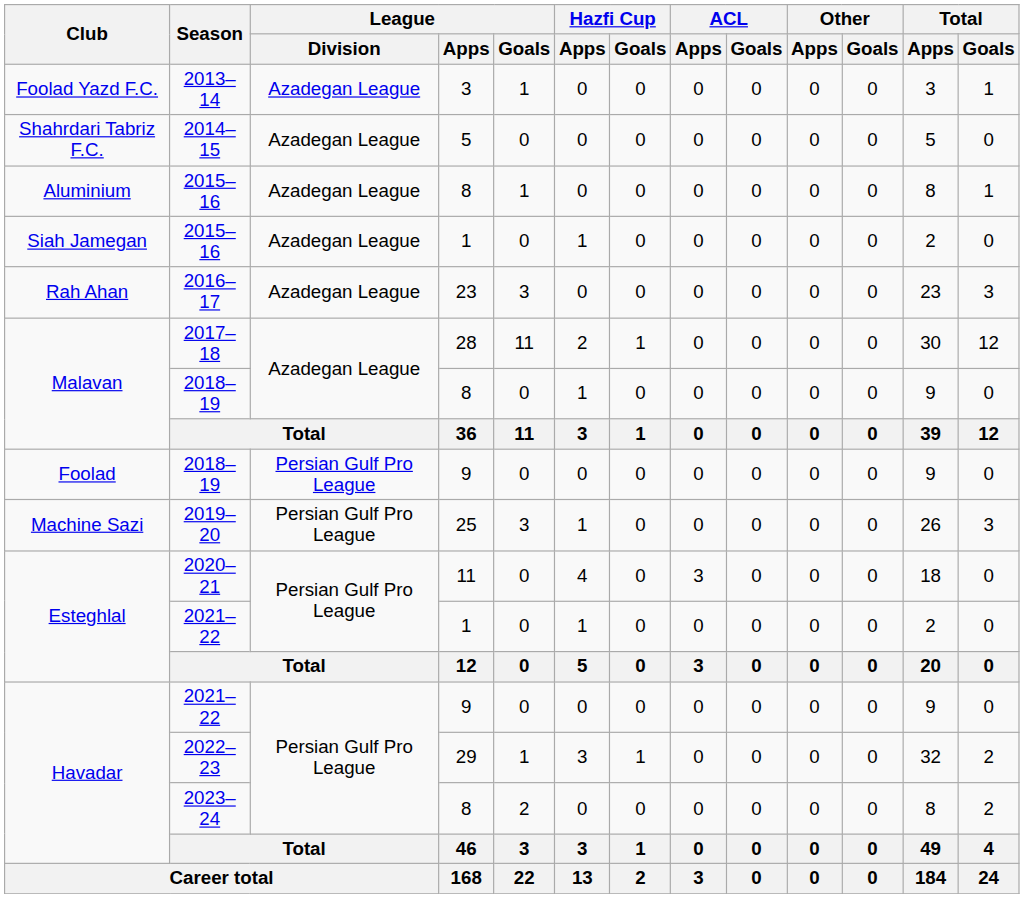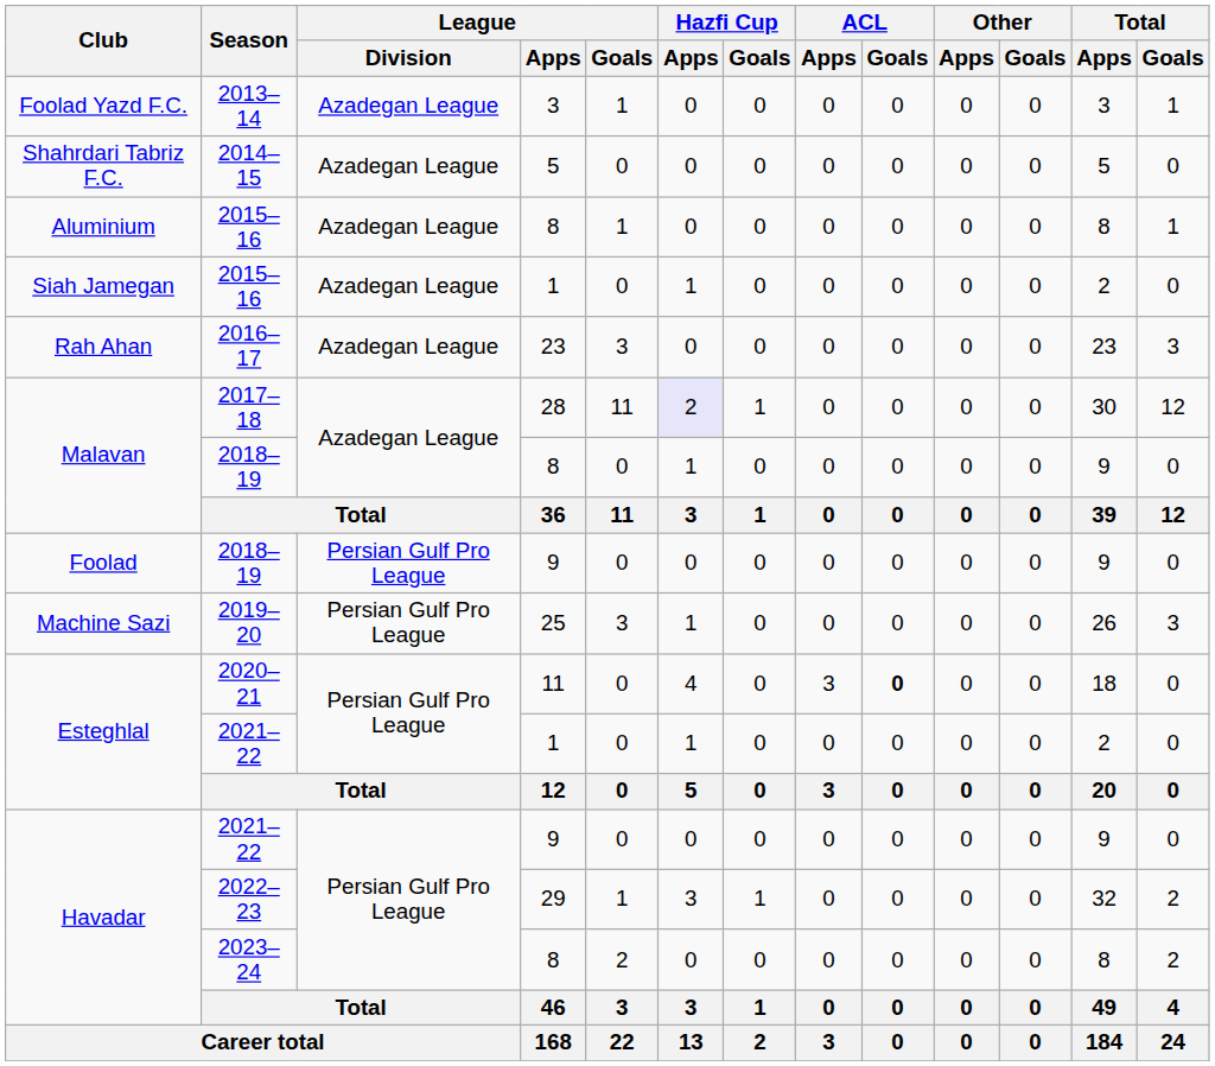 <table class="wikitable" style="text-align:center">
 <tr>
 <th rowspan="2">Club</th>
 <th rowspan="2">Season</th>
 <th colspan="3">League</th>
 <th colspan="2"><a href='#'>Hazfi Cup</a></th>
 <th colspan="2"><a href='#'>ACL</a></th>
 <th colspan="2">Other</th>
 <th colspan="2">Total</th>
 </tr>
 <tr>
 <th>Division</th>
 <th>Apps</th>
 <th>Goals</th>
 <th>Apps</th>
 <th>Goals</th>
 <th>Apps</th>
 <th>Goals</th>
 <th>Apps</th>
 <th>Goals</th>
 <th>Apps</th>
 <th>Goals</th>
 </tr>
 <tr>
 <td><a href='#'>Foolad Yazd F.C.</a></td>
 <td><a href='#'>2013–14</a></td>
 <td><a href='#'>Azadegan League</a></td>
 <td>3</td>
 <td>1</td>
 <td>0</td>
 <td>0</td>
 <td>0</td>
 <td>0</td>
 <td>0</td>
 <td>0</td>
 <td>3</td>
 <td>1</td>
 </tr>
 <tr>
 <td><a href='#'>Shahrdari Tabriz F.C.</a></td>
 <td><a href='#'>2014–15</a></td>
 <td>Azadegan League</td>
 <td>5</td>
 <td>0</td>
 <td>0</td>
 <td>0</td>
 <td>0</td>
 <td>0</td>
 <td>0</td>
 <td>0</td>
 <td>5</td>
 <td>0</td>
 </tr>
 <tr>
 <td><a href='#'>Aluminium</a></td>
 <td><a href='#'>2015–16</a></td>
 <td>Azadegan League</td>
 <td>8</td>
 <td>1</td>
 <td>0</td>
 <td>0</td>
 <td>0</td>
 <td>0</td>
 <td>0</td>
 <td>0</td>
 <td>8</td>
 <td>1</td>
 </tr>
 <tr>
 <td><a href='#'>Siah Jamegan</a></td>
 <td><a href='#'>2015–16</a></td>
 <td>Azadegan League</td>
 <td>1</td>
 <td>0</td>
 <td>1</td>
 <td>0</td>
 <td>0</td>
 <td>0</td>
 <td>0</td>
 <td>0</td>
 <td>2</td>
 <td>0</td>
 </tr>
 <tr>
 <td><a href='#'>Rah Ahan</a></td>
 <td><a href='#'>2016–17</a></td>
 <td>Azadegan League</td>
 <td>23</td>
 <td>3</td>
 <td>0</td>
 <td>0</td>
 <td>0</td>
 <td>0</td>
 <td>0</td>
 <td>0</td>
 <td>23</td>
 <td>3</td>
 </tr>
 <tr>
 <td rowspan="3"><a href='#'>Malavan</a></td>
 <td><a href='#'>2017–18</a></td>
 <td rowspan="2">Azadegan League</td>
 <td>28</td>
 <td>11</td>
-<td>2</td>
+<td style="background: lavender;">2</td>
 <td>1</td>
 <td>0</td>
 <td>0</td>
 <td>0</td>
 <td>0</td>
 <td>30</td>
 <td>12</td>
 </tr>
 <tr>
 <td><a href='#'>2018–19</a></td>
 <td>8</td>
 <td>0</td>
 <td>1</td>
 <td>0</td>
 <td>0</td>
 <td>0</td>
 <td>0</td>
 <td>0</td>
 <td>9</td>
 <td>0</td>
 </tr>
 <tr>
 <th colspan="2">Total</th>
 <th>36</th>
 <th>11</th>
 <th>3</th>
 <th>1</th>
 <th>0</th>
 <th>0</th>
 <th>0</th>
 <th>0</th>
 <th>39</th>
 <th>12</th>
 </tr>
 <tr>
 <td><a href='#'>Foolad</a></td>
 <td><a href='#'>2018–19</a></td>
 <td><a href='#'>Persian Gulf Pro League</a></td>
 <td>9</td>
 <td>0</td>
 <td>0</td>
 <td>0</td>
 <td>0</td>
 <td>0</td>
 <td>0</td>
 <td>0</td>
 <td>9</td>
 <td>0</td>
 </tr>
 <tr>
 <td><a href='#'>Machine Sazi</a></td>
 <td><a href='#'>2019–20</a></td>
 <td>Persian Gulf Pro League</td>
 <td>25</td>
 <td>3</td>
 <td>1</td>
 <td>0</td>
 <td>0</td>
 <td>0</td>
 <td>0</td>
 <td>0</td>
 <td>26</td>
 <td>3</td>
 </tr>
 <tr>
 <td rowspan="3"><a href='#'>Esteghlal</a></td>
 <td><a href='#'>2020–21</a></td>
 <td rowspan="2">Persian Gulf Pro League</td>
 <td>11</td>
 <td>0</td>
 <td>4</td>
 <td>0</td>
 <td>3</td>
-<td>0</td>
+<td><strong>0</strong></td>
 <td>0</td>
 <td>0</td>
 <td>18</td>
 <td>0</td>
 </tr>
 <tr>
 <td><a href='#'>2021–22</a></td>
 <td>1</td>
 <td>0</td>
 <td>1</td>
 <td>0</td>
 <td>0</td>
 <td>0</td>
 <td>0</td>
 <td>0</td>
 <td>2</td>
 <td>0</td>
 </tr>
 <tr>
 <th colspan="2">Total</th>
 <th>12</th>
 <th>0</th>
 <th>5</th>
 <th>0</th>
 <th>3</th>
 <th>0</th>
 <th>0</th>
 <th>0</th>
 <th>20</th>
 <th>0</th>
 </tr>
 <tr>
 <td rowspan="4"><a href='#'>Havadar</a></td>
 <td><a href='#'>2021–22</a></td>
 <td rowspan="3">Persian Gulf Pro League</td>
 <td>9</td>
 <td>0</td>
 <td>0</td>
 <td>0</td>
 <td>0</td>
 <td>0</td>
 <td>0</td>
 <td>0</td>
 <td>9</td>
 <td>0</td>
 </tr>
 <tr>
 <td><a href='#'>2022–23</a></td>
 <td>29</td>
 <td>1</td>
 <td>3</td>
 <td>1</td>
 <td>0</td>
 <td>0</td>
 <td>0</td>
 <td>0</td>
 <td>32</td>
 <td>2</td>
 </tr>
 <tr>
 <td><a href='#'>2023–24</a></td>
 <td>8</td>
 <td>2</td>
 <td>0</td>
 <td>0</td>
 <td>0</td>
 <td>0</td>
 <td>0</td>
 <td>0</td>
 <td>8</td>
 <td>2</td>
 </tr>
 <tr>
 <th colspan="2">Total</th>
 <th>46</th>
 <th>3</th>
 <th>3</th>
 <th>1</th>
 <th>0</th>
 <th>0</th>
 <th>0</th>
 <th>0</th>
 <th>49</th>
 <th>4</th>
 </tr>
 <tr>
 <th colspan="3">Career total</th>
 <th>168</th>
 <th>22</th>
 <th>13</th>
 <th>2</th>
 <th>3</th>
 <th>0</th>
 <th>0</th>
 <th>0</th>
 <th>184</th>
 <th>24</th>
 </tr>
 </table>
